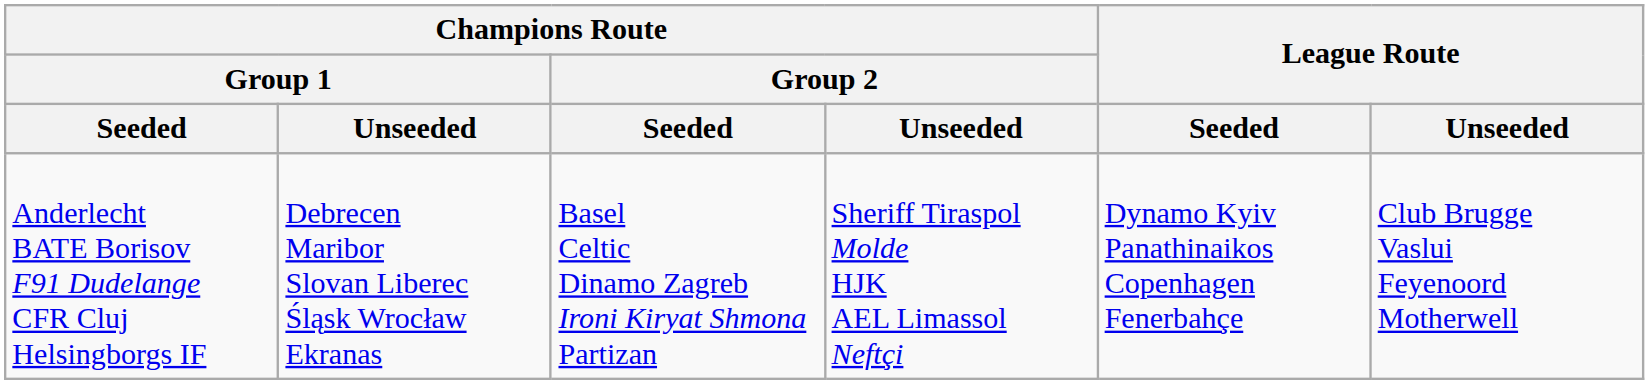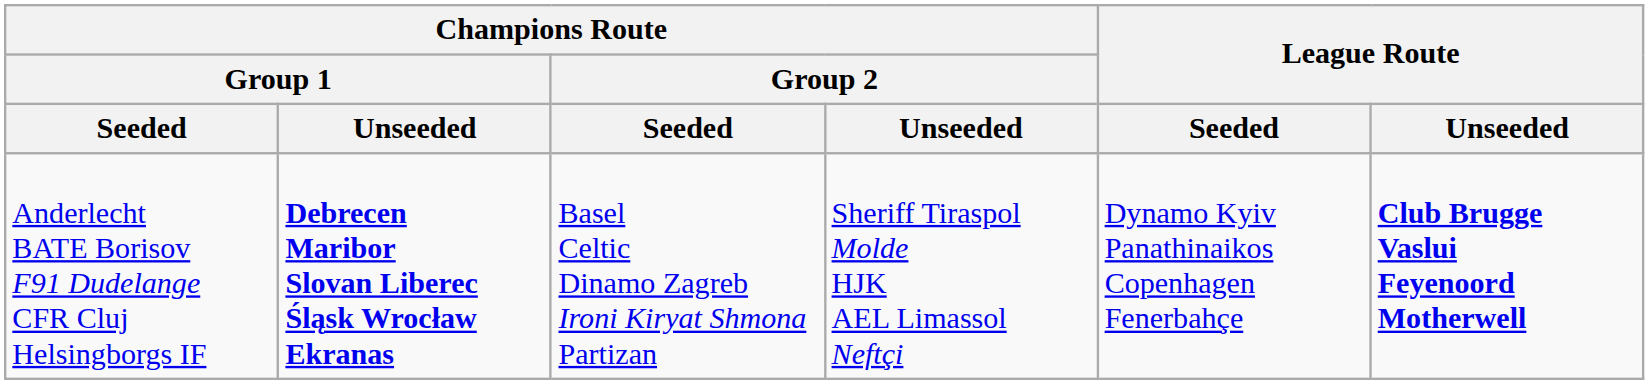 <table class="wikitable" style="font-size:80%">
 <tr>
 <th colspan=4>Champions Route</th>
 <th colspan=2 rowspan=2>League Route</th>
 </tr>
 <tr>
 <th colspan=2>Group 1</th>
 <th colspan=2>Group 2</th>
 </tr>
 <tr>
 <th width=16%>Seeded</th>
 <th width=16%>Unseeded</th>
 <th width=16%>Seeded</th>
 <th width=16%>Unseeded</th>
 <th width=16%>Seeded</th>
 <th width=16%>Unseeded</th>
 </tr>
 <tr>
 <td valign=top><br> <a href='#'>Anderlecht</a><br>  <a href='#'>BATE Borisov</a><br>  <em><a href='#'>F91 Dudelange</a></em><br>  <a href='#'>CFR Cluj</a><br>  <a href='#'>Helsingborgs IF</a></td>
-<td valign=top><br> <a href='#'>Debrecen</a><br>  <a href='#'>Maribor</a><br>  <a href='#'>Slovan Liberec</a><br>  <a href='#'>Śląsk Wrocław</a><br>  <a href='#'>Ekranas</a></td>
+<td valign=top><strong><br> <a href='#'>Debrecen</a><br>  <a href='#'>Maribor</a><br>  <a href='#'>Slovan Liberec</a><br>  <a href='#'>Śląsk Wrocław</a><br>  <a href='#'>Ekranas</a></strong></td>
 <td valign=top><br> <a href='#'>Basel</a><br>  <a href='#'>Celtic</a><br>  <a href='#'>Dinamo Zagreb</a><br>  <em><a href='#'>Ironi Kiryat Shmona</a></em><br>  <a href='#'>Partizan</a></td>
 <td valign=top><br> <a href='#'>Sheriff Tiraspol</a><br>  <em><a href='#'>Molde</a></em><br>  <a href='#'>HJK</a><br>  <a href='#'>AEL Limassol</a><br>  <em><a href='#'>Neftçi</a></em></td>
 <td valign=top><br> <a href='#'>Dynamo Kyiv</a><br>  <a href='#'>Panathinaikos</a><br>  <a href='#'>Copenhagen</a><br>  <a href='#'>Fenerbahçe</a></td>
-<td valign=top><br> <a href='#'>Club Brugge</a><br>  <a href='#'>Vaslui</a><br>  <a href='#'>Feyenoord</a><br>  <a href='#'>Motherwell</a></td>
+<td valign=top><strong><br> <a href='#'>Club Brugge</a><br>  <a href='#'>Vaslui</a><br>  <a href='#'>Feyenoord</a><br>  <a href='#'>Motherwell</a></strong></td>
 </tr>
 </table>
